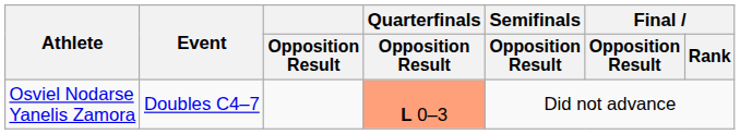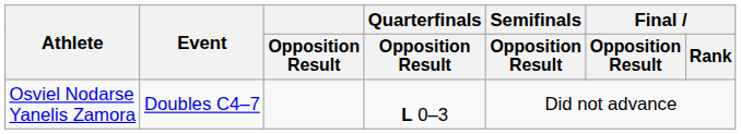 <table class=wikitable style="font-size:90%">
 <tr>
 <th rowspan="2">Athlete</th>
 <th rowspan="2">Event</th>
 <th></th>
 <th>Quarterfinals</th>
 <th>Semifinals</th>
 <th colspan="2">Final / </th>
 </tr>
 <tr style="font-size:95%">
 <th>Opposition<br>Result</th>
 <th>Opposition<br>Result</th>
 <th>Opposition<br>Result</th>
 <th>Opposition<br>Result</th>
 <th>Rank</th>
 </tr>
 <tr align=center>
 <td align=left><a href='#'>Osviel Nodarse</a><br><a href='#'>Yanelis Zamora</a></td>
 <td align=left rowspan=2><a href='#'>Doubles C4–7</a></td>
 <td></td>
-<td style="background: lightsalmon;"><br><strong>L</strong> 0–3</td>
+<td><br><strong>L</strong> 0–3</td>
 <td colspan=3>Did not advance</td>
 </tr>
 </table>
